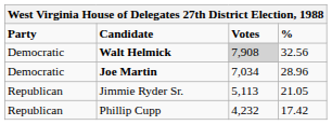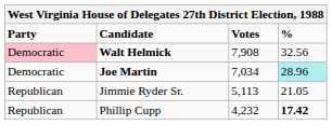 <table class="wikitable">
 <tr>
 <th colspan="4">West Virginia House of Delegates 27th District Election, 1988</th>
 </tr>
 <tr>
 <td><strong>Party</strong></td>
 <td><strong>Candidate</strong></td>
 <td><strong>Votes</strong></td>
 <td><strong>%</strong></td>
 </tr>
 <tr>
-<td>Democratic</td>
+<td style="background: pink;">Democratic</td>
 <td><strong>Walt Helmick</strong></td>
-<td style="background: lightgrey;">7,908</td>
+<td>7,908</td>
 <td>32.56</td>
 </tr>
 <tr>
 <td>Democratic</td>
 <td><strong>Joe Martin</strong></td>
 <td>7,034</td>
-<td>28.96</td>
+<td style="background: paleturquoise;">28.96</td>
 </tr>
 <tr>
 <td>Republican</td>
 <td>Jimmie Ryder Sr.</td>
 <td>5,113</td>
 <td>21.05</td>
 </tr>
 <tr>
 <td>Republican</td>
 <td>Phillip Cupp</td>
 <td>4,232</td>
-<td>17.42</td>
+<td><strong>17.42</strong></td>
 </tr>
 </table>
